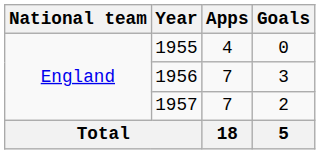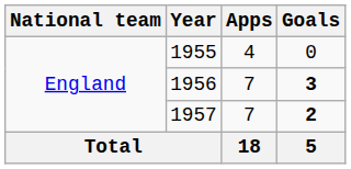 <table class="wikitable" style="text-align: center;">
 <tr>
 <th>National team</th>
 <th>Year</th>
 <th>Apps</th>
 <th>Goals</th>
 </tr>
 <tr>
 <td rowspan="3"><a href='#'>England</a></td>
 <td>1955</td>
 <td>4</td>
 <td>0</td>
 </tr>
 <tr>
 <td>1956</td>
 <td>7</td>
-<td>3</td>
+<td><strong>3</strong></td>
 </tr>
 <tr>
 <td>1957</td>
 <td>7</td>
-<td>2</td>
+<td><strong>2</strong></td>
 </tr>
 <tr>
 <th colspan="2">Total</th>
 <th>18</th>
 <th>5</th>
 </tr>
 </table>
